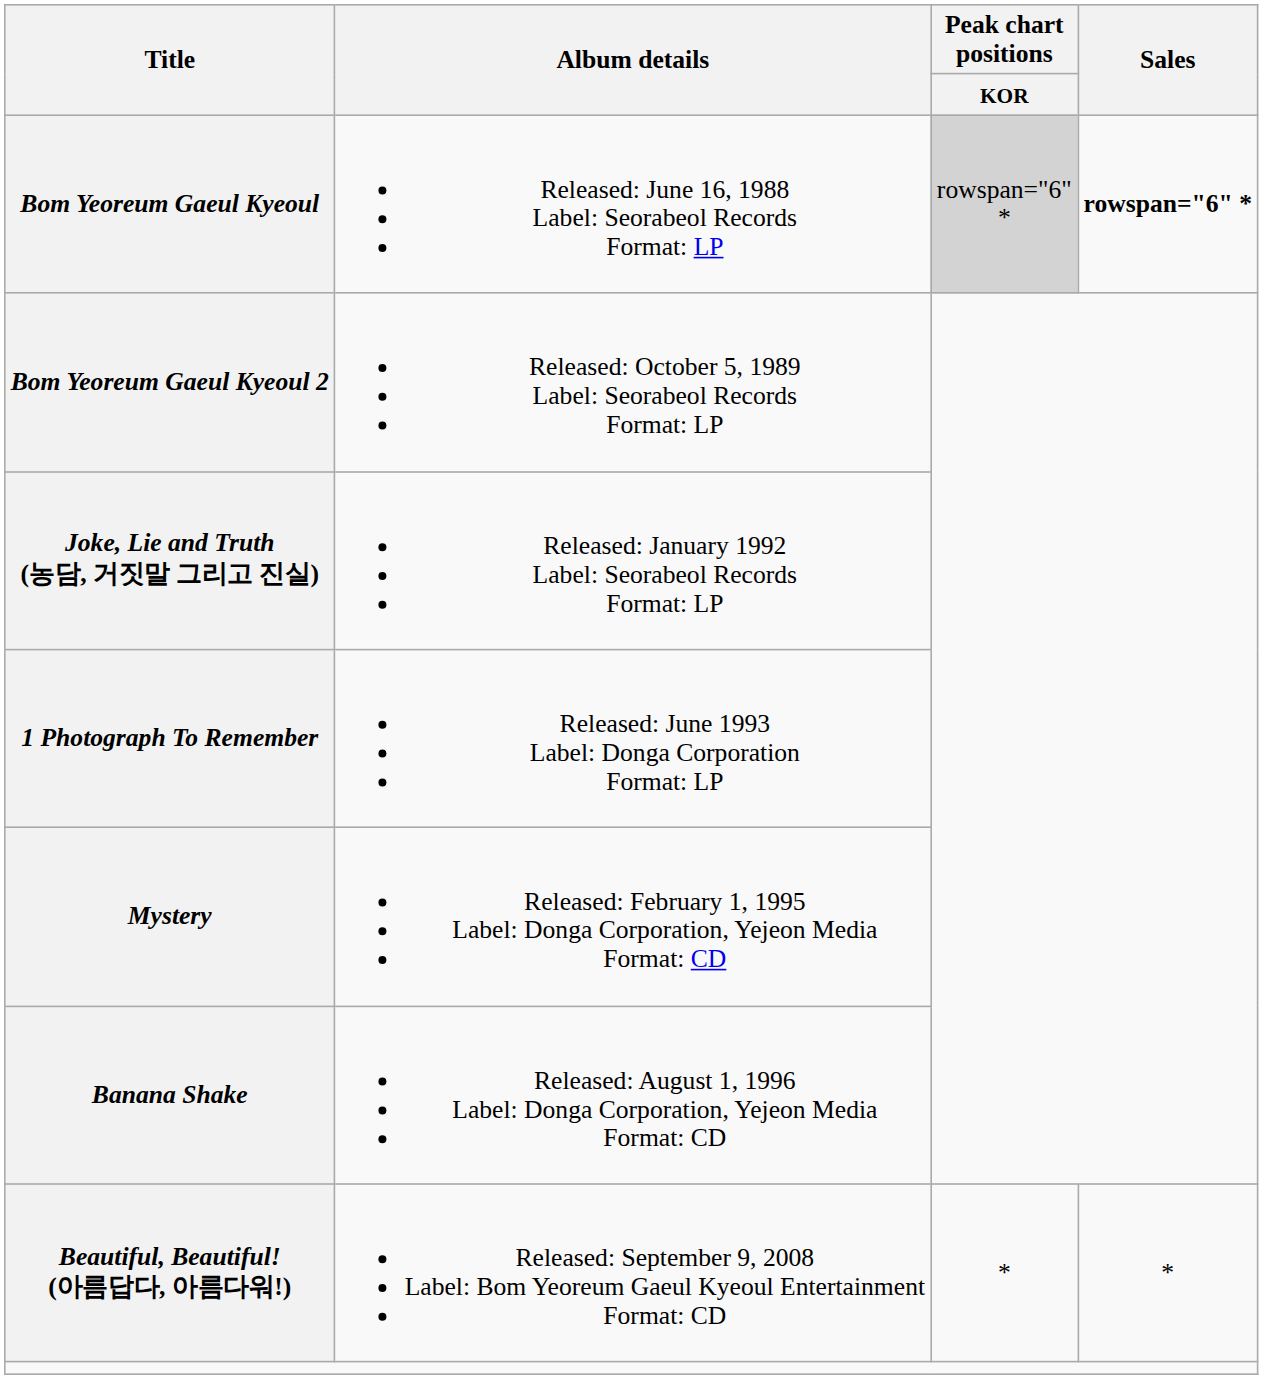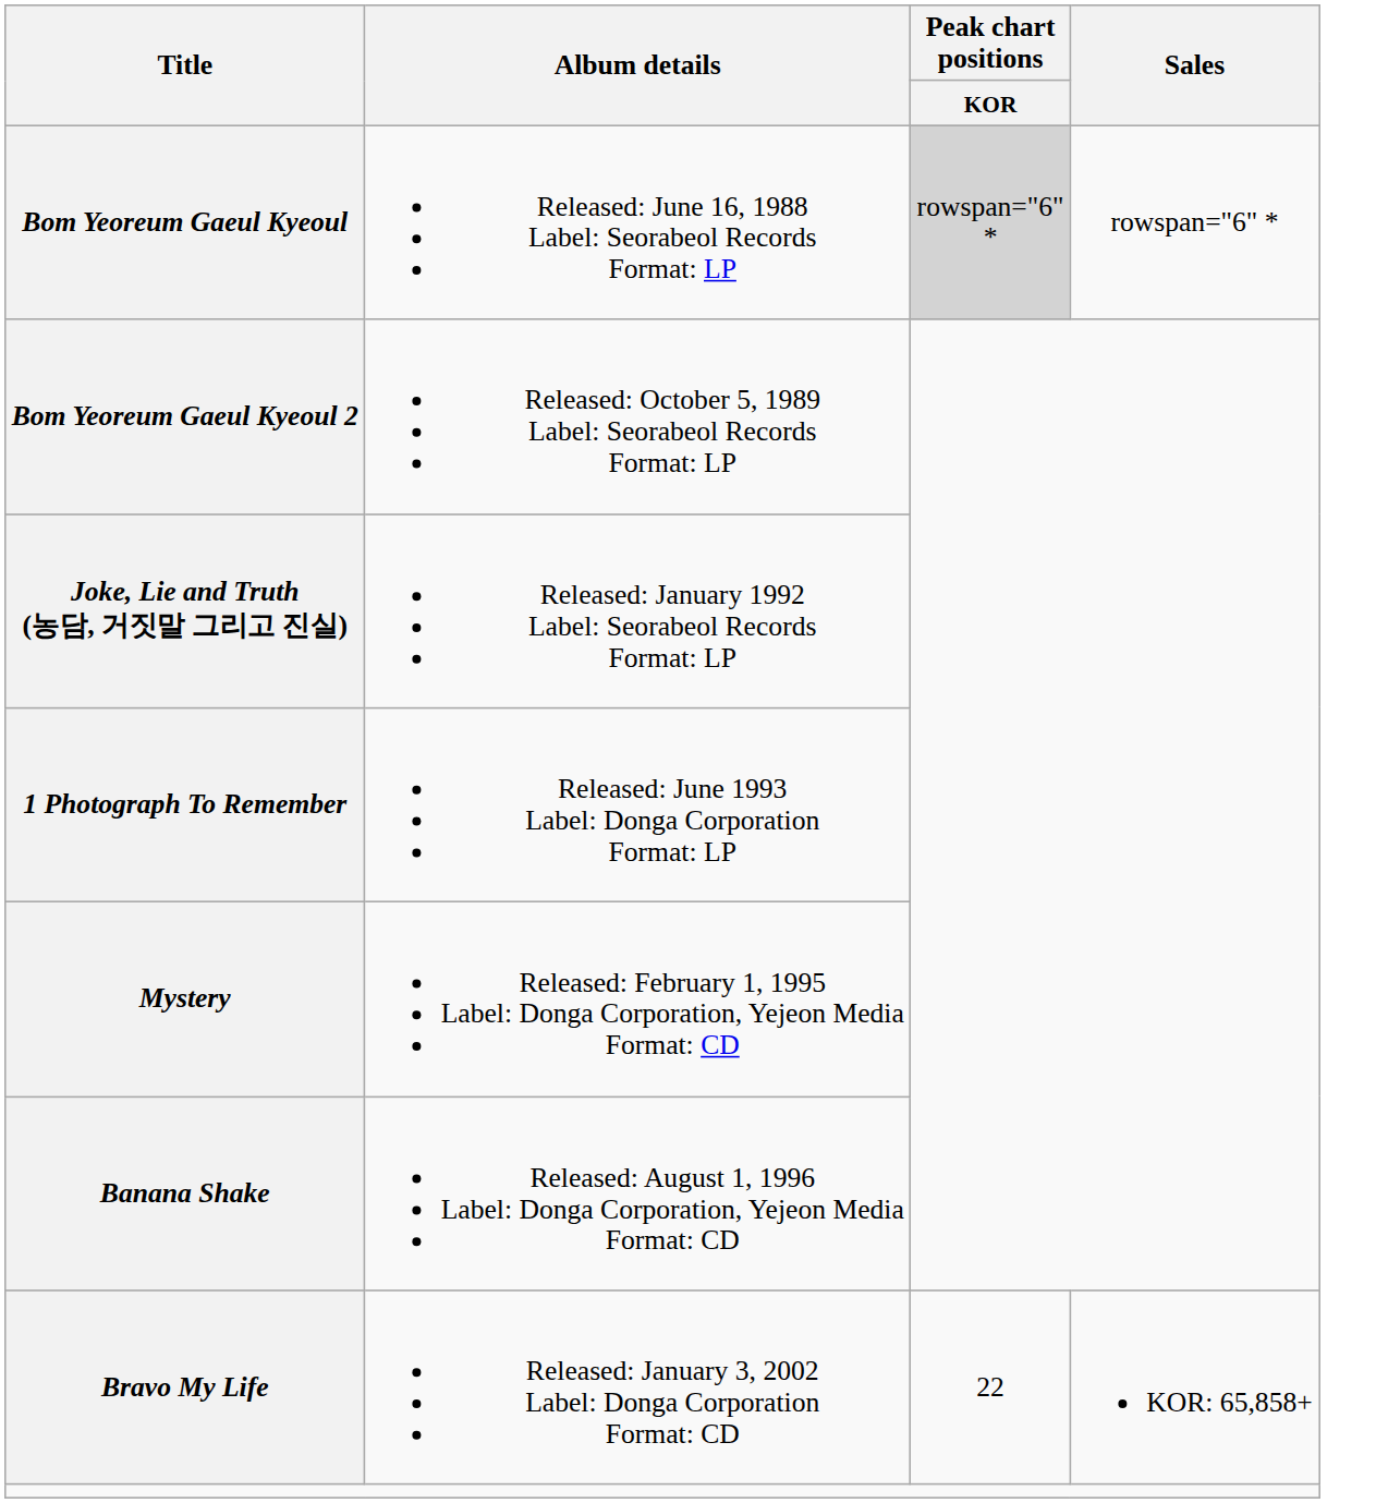 <table class="wikitable plainrowheaders" style="text-align:center;">
 <tr>
 <th scope="col" rowspan="2">Title</th>
 <th scope="col" rowspan="2">Album details</th>
 <th scope="col" colspan="1" style="width:5em;">Peak chart positions</th>
 <th scope="col" rowspan="2">Sales</th>
 </tr>
 <tr>
 <th><small>KOR</small><br></th>
 </tr>
 <tr>
 <th scope="row"><em>Bom Yeoreum Gaeul Kyeoul</em></th>
 <td><br><ul><li>Released: June 16, 1988</li><li>Label: Seorabeol Records</li><li>Format: <a href='#'>LP</a></li></ul></td>
 <td style="background: lightgrey;">rowspan="6" *</td>
-<td><strong>rowspan="6" *</strong></td>
+<td>rowspan="6" *</td>
 </tr>
 <tr>
 <th scope="row"><em>Bom Yeoreum Gaeul Kyeoul 2</em></th>
 <td><br><ul><li>Released: October 5, 1989</li><li>Label: Seorabeol Records</li><li>Format: LP</li></ul></td>
 </tr>
 <tr>
 <th scope="row"><em>Joke, Lie and Truth</em><br>(농담, 거짓말 그리고 진실)</th>
 <td><br><ul><li>Released: January 1992</li><li>Label: Seorabeol Records</li><li>Format: LP</li></ul></td>
 </tr>
 <tr>
 <th scope="row"><em>1 Photograph To Remember</em></th>
 <td><br><ul><li>Released: June 1993</li><li>Label: Donga Corporation</li><li>Format: LP</li></ul></td>
 </tr>
 <tr>
 <th scope="row"><em>Mystery</em></th>
 <td><br><ul><li>Released: February 1, 1995</li><li>Label: Donga Corporation, Yejeon Media</li><li>Format: <a href='#'>CD</a></li></ul></td>
 </tr>
 <tr>
 <th scope="row"><em>Banana Shake</em></th>
 <td><br><ul><li>Released: August 1, 1996</li><li>Label: Donga Corporation, Yejeon Media</li><li>Format: CD</li></ul></td>
 </tr>
 <tr>
-<th scope="row"><em>Beautiful, Beautiful!</em><br>(아름답다, 아름다워!)</th>
-<td><br><ul><li>Released: September 9, 2008</li><li>Label: Bom Yeoreum Gaeul Kyeoul Entertainment</li><li>Format: CD</li></ul></td>
-<td>*</td>
-<td>*</td>
+<th scope="row"><em>Bravo My Life</em></th>
+<td><br><ul><li>Released: January 3, 2002</li><li>Label: Donga Corporation</li><li>Format: CD</li></ul></td>
+<td>22</td>
+<td><br><ul><li>KOR: 65,858+</li></ul></td>
 </tr>
 <tr>
 <td colspan="4"></td>
 </tr>
 <tr>
 </tr>
 </table>
